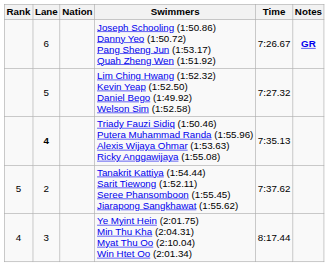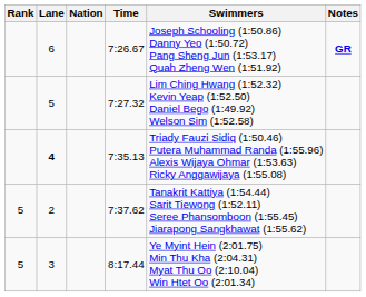 <table class="wikitable sortable" style="text-align:center">
 <tr>
 <th>Rank</th>
 <th>Lane</th>
 <th>Nation</th>
+<th>Time</th>
 <th>Swimmers</th>
-<th>Time</th>
 <th>Notes</th>
 </tr>
 <tr>
 <td></td>
 <td>6</td>
 <td align=left></td>
+<td>7:26.67</td>
 <td align=left><a href='#'>Joseph Schooling</a> (1:50.86)<br><a href='#'>Danny Yeo</a> (1:50.72)<br><a href='#'>Pang Sheng Jun</a> (1:53.17)<br><a href='#'>Quah Zheng Wen</a> (1:51.92)</td>
-<td>7:26.67</td>
 <td><strong><a href='#'>GR</a></strong></td>
 </tr>
 <tr>
 <td></td>
 <td>5</td>
 <td align=left></td>
+<td>7:27.32</td>
 <td align=left><a href='#'>Lim Ching Hwang</a> (1:52.32)<br><a href='#'>Kevin Yeap</a> (1:52.50)<br><a href='#'>Daniel Bego</a> (1:49.92)<br><a href='#'>Welson Sim</a> (1:52.58)</td>
-<td>7:27.32</td>
 <td></td>
 </tr>
 <tr>
 <td></td>
 <td><strong>4</strong></td>
 <td align=left></td>
+<td>7:35.13</td>
 <td align=left><a href='#'>Triady Fauzi Sidiq</a> (1:50.46)<br><a href='#'>Putera Muhammad Randa</a> (1:55.96)<br><a href='#'>Alexis Wijaya Ohmar</a> (1:53.63)<br><a href='#'>Ricky Anggawijaya</a> (1:55.08)</td>
-<td>7:35.13</td>
 <td></td>
 </tr>
 <tr>
 <td>5</td>
 <td>2</td>
 <td align=left></td>
+<td>7:37.62</td>
 <td align=left><a href='#'>Tanakrit Kattiya</a> (1:54.44)<br><a href='#'>Sarit Tiewong</a> (1:52.11)<br><a href='#'>Seree Phansomboon</a> (1:55.45)<br><a href='#'>Jiarapong Sangkhawat</a> (1:55.62)</td>
-<td>7:37.62</td>
 <td></td>
 </tr>
 <tr>
-<td>4</td>
+<td>5</td>
 <td>3</td>
 <td align=left></td>
+<td>8:17.44</td>
 <td align=left><a href='#'>Ye Myint Hein</a> (2:01.75) <br><a href='#'>Min Thu Kha</a> (2:04.31)<br><a href='#'>Myat Thu Oo</a> (2:10.04)<br><a href='#'>Win Htet Oo</a> (2:01.34)</td>
-<td>8:17.44</td>
 <td></td>
 </tr>
 </table>
